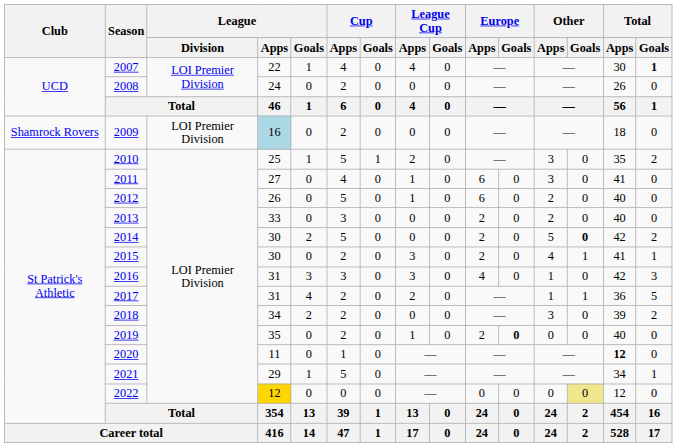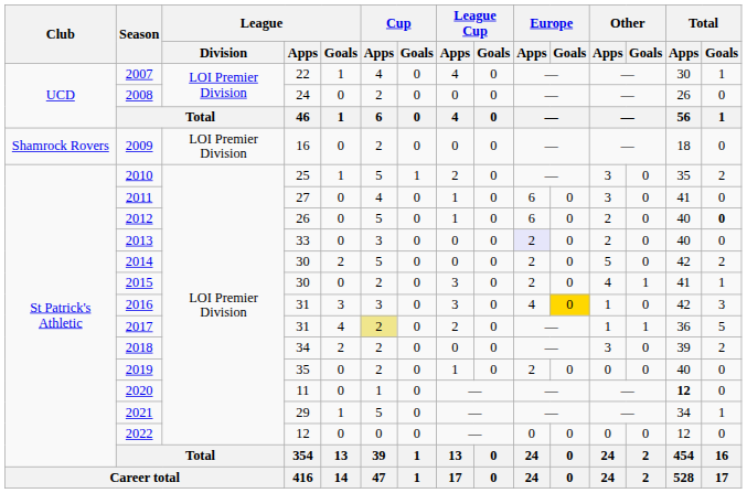 <table class="wikitable" style="text-align:center">
 <tr>
 <th rowspan="2">Club</th>
 <th rowspan="2">Season</th>
 <th colspan="3">League</th>
 <th colspan="2"><a href='#'>Cup</a></th>
 <th colspan="2"><a href='#'>League Cup</a></th>
 <th colspan="2"><a href='#'>Europe</a></th>
 <th colspan="2">Other</th>
 <th colspan="2">Total</th>
 </tr>
 <tr>
 <th>Division</th>
 <th>Apps</th>
 <th>Goals</th>
 <th>Apps</th>
 <th>Goals</th>
 <th>Apps</th>
 <th>Goals</th>
 <th>Apps</th>
 <th>Goals</th>
 <th>Apps</th>
 <th>Goals</th>
 <th>Apps</th>
 <th>Goals</th>
 </tr>
 <tr>
 <td rowspan="3"><a href='#'>UCD</a></td>
 <td><a href='#'>2007</a></td>
 <td rowspan="2"><a href='#'>LOI Premier Division</a></td>
 <td>22</td>
 <td>1</td>
 <td>4</td>
 <td>0</td>
 <td>4</td>
 <td>0</td>
 <td colspan="2">—</td>
 <td colspan="2">—</td>
 <td>30</td>
-<td><strong>1</strong></td>
+<td>1</td>
 </tr>
 <tr>
 <td><a href='#'>2008</a></td>
 <td>24</td>
 <td>0</td>
 <td>2</td>
 <td>0</td>
 <td>0</td>
 <td>0</td>
 <td colspan="2">—</td>
 <td colspan="2">—</td>
 <td>26</td>
 <td>0</td>
 </tr>
 <tr>
 <th colspan="2">Total</th>
 <th>46</th>
 <th>1</th>
 <th>6</th>
 <th>0</th>
 <th>4</th>
 <th>0</th>
 <th colspan="2">—</th>
 <th colspan="2">—</th>
 <th>56</th>
 <th>1</th>
 </tr>
 <tr>
 <td><a href='#'>Shamrock Rovers</a></td>
 <td><a href='#'>2009</a></td>
 <td>LOI Premier Division</td>
-<td style="background: lightblue;">16</td>
+<td>16</td>
 <td>0</td>
 <td>2</td>
 <td>0</td>
 <td>0</td>
 <td>0</td>
 <td colspan="2">—</td>
 <td colspan="2">—</td>
 <td>18</td>
 <td>0</td>
 </tr>
 <tr>
 <td rowspan="14"><a href='#'>St Patrick's Athletic</a></td>
 <td><a href='#'>2010</a></td>
 <td rowspan="13">LOI Premier Division</td>
 <td>25</td>
 <td>1</td>
 <td>5</td>
 <td>1</td>
 <td>2</td>
 <td>0</td>
 <td colspan="2">—</td>
 <td>3</td>
 <td>0</td>
 <td>35</td>
 <td>2</td>
 </tr>
 <tr>
 <td><a href='#'>2011</a></td>
 <td>27</td>
 <td>0</td>
 <td>4</td>
 <td>0</td>
 <td>1</td>
 <td>0</td>
 <td>6</td>
 <td>0</td>
 <td>3</td>
 <td>0</td>
 <td>41</td>
 <td>0</td>
 </tr>
 <tr>
 <td><a href='#'>2012</a></td>
 <td>26</td>
 <td>0</td>
 <td>5</td>
 <td>0</td>
 <td>1</td>
 <td>0</td>
 <td>6</td>
 <td>0</td>
 <td>2</td>
 <td>0</td>
 <td>40</td>
-<td>0</td>
+<td><strong>0</strong></td>
 </tr>
 <tr>
 <td><a href='#'>2013</a></td>
 <td>33</td>
 <td>0</td>
 <td>3</td>
 <td>0</td>
 <td>0</td>
 <td>0</td>
-<td>2</td>
+<td style="background: lavender;">2</td>
 <td>0</td>
 <td>2</td>
 <td>0</td>
 <td>40</td>
 <td>0</td>
 </tr>
 <tr>
 <td><a href='#'>2014</a></td>
 <td>30</td>
 <td>2</td>
 <td>5</td>
 <td>0</td>
 <td>0</td>
 <td>0</td>
 <td>2</td>
 <td>0</td>
 <td>5</td>
-<td><strong>0</strong></td>
+<td>0</td>
 <td>42</td>
 <td>2</td>
 </tr>
 <tr>
 <td><a href='#'>2015</a></td>
 <td>30</td>
 <td>0</td>
 <td>2</td>
 <td>0</td>
 <td>3</td>
 <td>0</td>
 <td>2</td>
 <td>0</td>
 <td>4</td>
 <td>1</td>
 <td>41</td>
 <td>1</td>
 </tr>
 <tr>
 <td><a href='#'>2016</a></td>
 <td>31</td>
 <td>3</td>
 <td>3</td>
 <td>0</td>
 <td>3</td>
 <td>0</td>
 <td>4</td>
-<td>0</td>
+<td style="background: gold;">0</td>
 <td>1</td>
 <td>0</td>
 <td>42</td>
 <td>3</td>
 </tr>
 <tr>
 <td><a href='#'>2017</a></td>
 <td>31</td>
 <td>4</td>
-<td>2</td>
+<td style="background: khaki;">2</td>
 <td>0</td>
 <td>2</td>
 <td>0</td>
 <td colspan="2">—</td>
 <td>1</td>
 <td>1</td>
 <td>36</td>
 <td>5</td>
 </tr>
 <tr>
 <td><a href='#'>2018</a></td>
 <td>34</td>
 <td>2</td>
 <td>2</td>
 <td>0</td>
 <td>0</td>
 <td>0</td>
 <td colspan="2">—</td>
 <td>3</td>
 <td>0</td>
 <td>39</td>
 <td>2</td>
 </tr>
 <tr>
 <td><a href='#'>2019</a></td>
 <td>35</td>
 <td>0</td>
 <td>2</td>
 <td>0</td>
 <td>1</td>
 <td>0</td>
 <td>2</td>
-<td><strong>0</strong></td>
+<td>0</td>
 <td>0</td>
 <td>0</td>
 <td>40</td>
 <td>0</td>
 </tr>
 <tr>
 <td><a href='#'>2020</a></td>
 <td>11</td>
 <td>0</td>
 <td>1</td>
 <td>0</td>
 <td colspan="2">—</td>
 <td colspan="2">—</td>
 <td colspan="2">—</td>
 <td><strong>12</strong></td>
 <td>0</td>
 </tr>
 <tr>
 <td><a href='#'>2021</a></td>
 <td>29</td>
 <td>1</td>
 <td>5</td>
 <td>0</td>
 <td colspan="2">—</td>
 <td colspan="2">—</td>
 <td colspan="2">—</td>
 <td>34</td>
 <td>1</td>
 </tr>
 <tr>
 <td><a href='#'>2022</a></td>
-<td style="background: gold;">12</td>
+<td>12</td>
 <td>0</td>
 <td>0</td>
 <td>0</td>
 <td colspan="2">—</td>
 <td>0</td>
 <td>0</td>
 <td>0</td>
-<td style="background: khaki;">0</td>
+<td>0</td>
 <td>12</td>
 <td>0</td>
 </tr>
 <tr>
 <th colspan="2">Total</th>
 <th>354</th>
 <th>13</th>
 <th>39</th>
 <th>1</th>
 <th>13</th>
 <th>0</th>
 <th>24</th>
 <th>0</th>
 <th>24</th>
 <th>2</th>
 <th>454</th>
 <th>16</th>
 </tr>
 <tr>
 <th colspan="3">Career total</th>
 <th>416</th>
 <th>14</th>
 <th>47</th>
 <th>1</th>
 <th>17</th>
 <th>0</th>
 <th>24</th>
 <th>0</th>
 <th>24</th>
 <th>2</th>
 <th>528</th>
 <th>17</th>
 </tr>
 </table>
